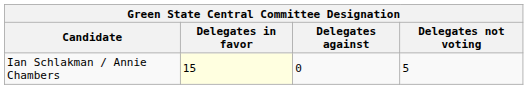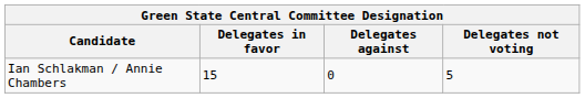 <table class="wikitable">
 <tr>
 <th colspan=4>Green State Central Committee Designation<br> </th>
 </tr>
 <tr>
 <th>Candidate</th>
 <th>Delegates in favor</th>
 <th>Delegates against</th>
 <th>Delegates not voting</th>
 </tr>
 <tr>
 <td>Ian Schlakman / Annie Chambers</td>
-<td style="background: lightyellow;">15</td>
+<td>15</td>
 <td>0</td>
 <td>5</td>
 </tr>
 </table>
